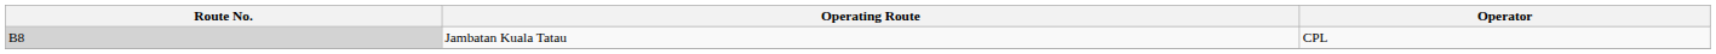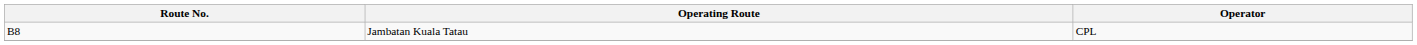 <table class="wikitable"  style="width:100%; margin:auto;">
 <tr>
 <th>Route No.</th>
 <th>Operating Route</th>
 <th>Operator</th>
 </tr>
 <tr>
-<td style="background: lightgrey;">B8</td>
+<td>B8</td>
 <td>Jambatan Kuala Tatau</td>
 <td>CPL</td>
 </tr>
 <tr>
 </tr>
 </table>
